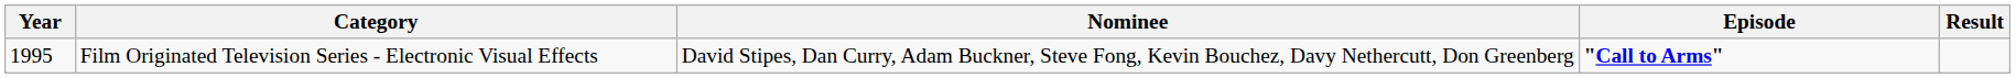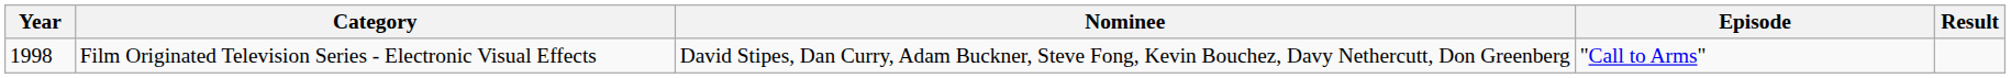 <table class="wikitable">
 <tr>
 <th width="3.5%">Year</th>
 <th width="30%">Category</th>
 <th>Nominee</th>
 <th width="18%">Episode</th>
 <th width="3.5%">Result</th>
 </tr>
 <tr>
-<td>1995</td>
+<td>1998</td>
 <td>Film Originated Television Series - Electronic Visual Effects</td>
 <td>David Stipes, Dan Curry, Adam Buckner, Steve Fong, Kevin Bouchez, Davy Nethercutt, Don Greenberg</td>
-<td><strong>"<a href='#'>Call to Arms</a>"</strong></td>
+<td>"<a href='#'>Call to Arms</a>"</td>
 <td></td>
 </tr>
 </table>
